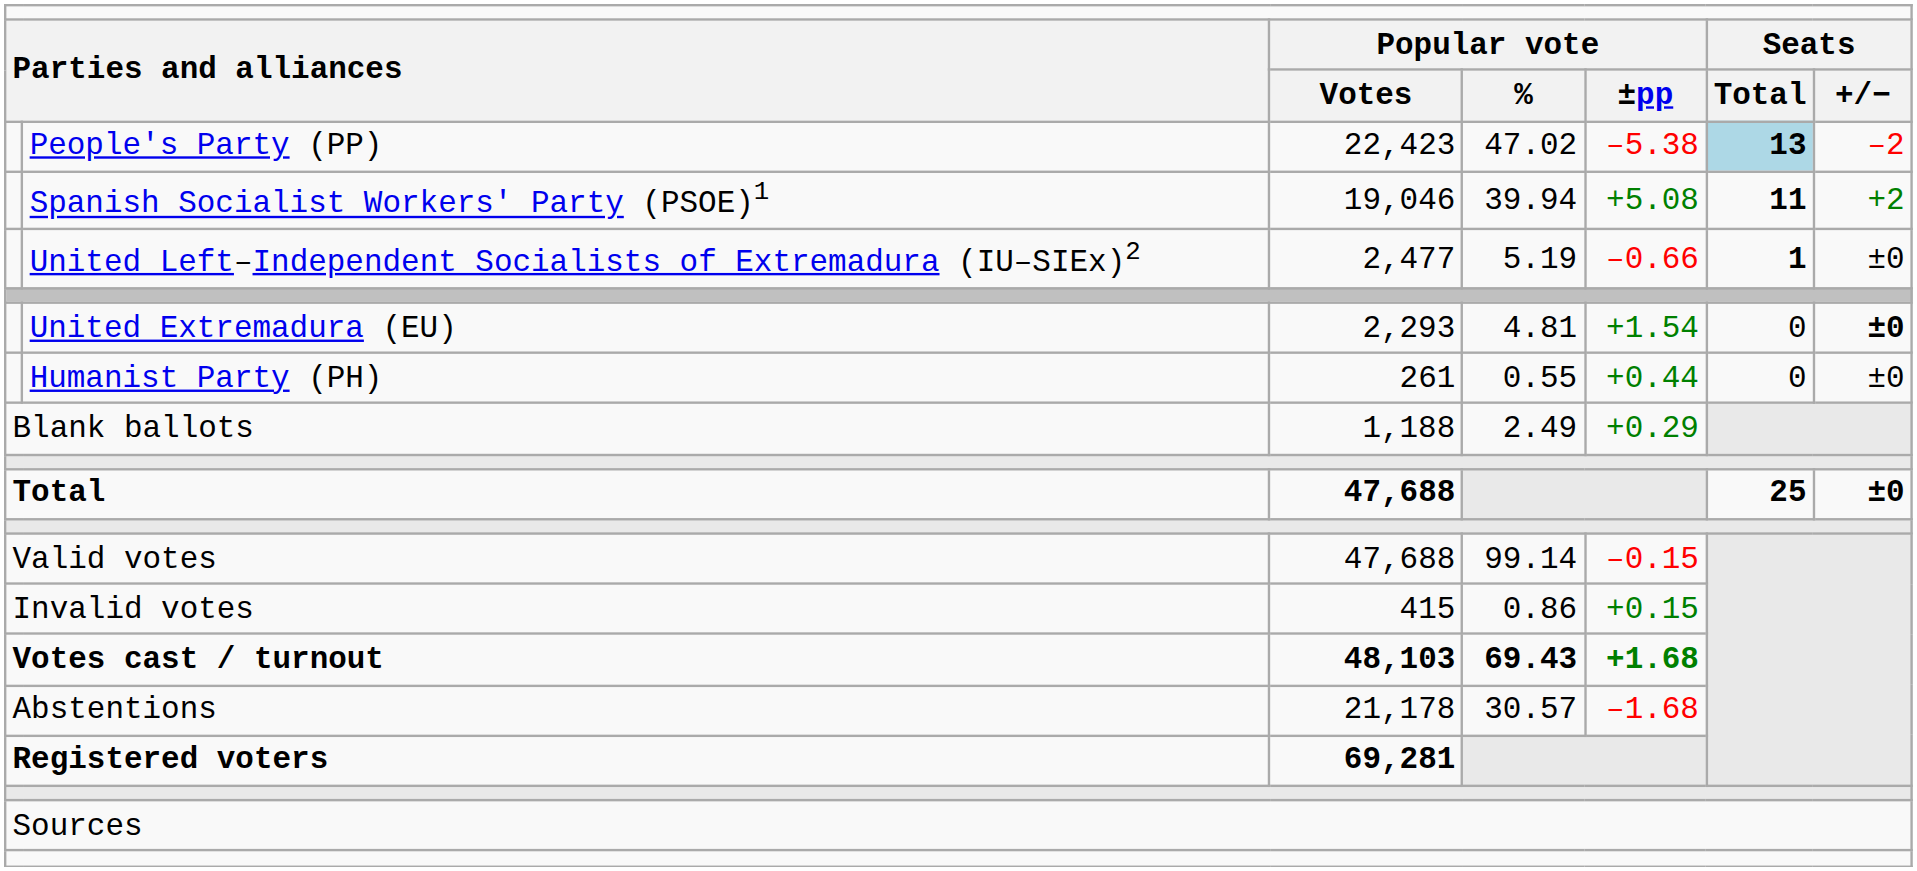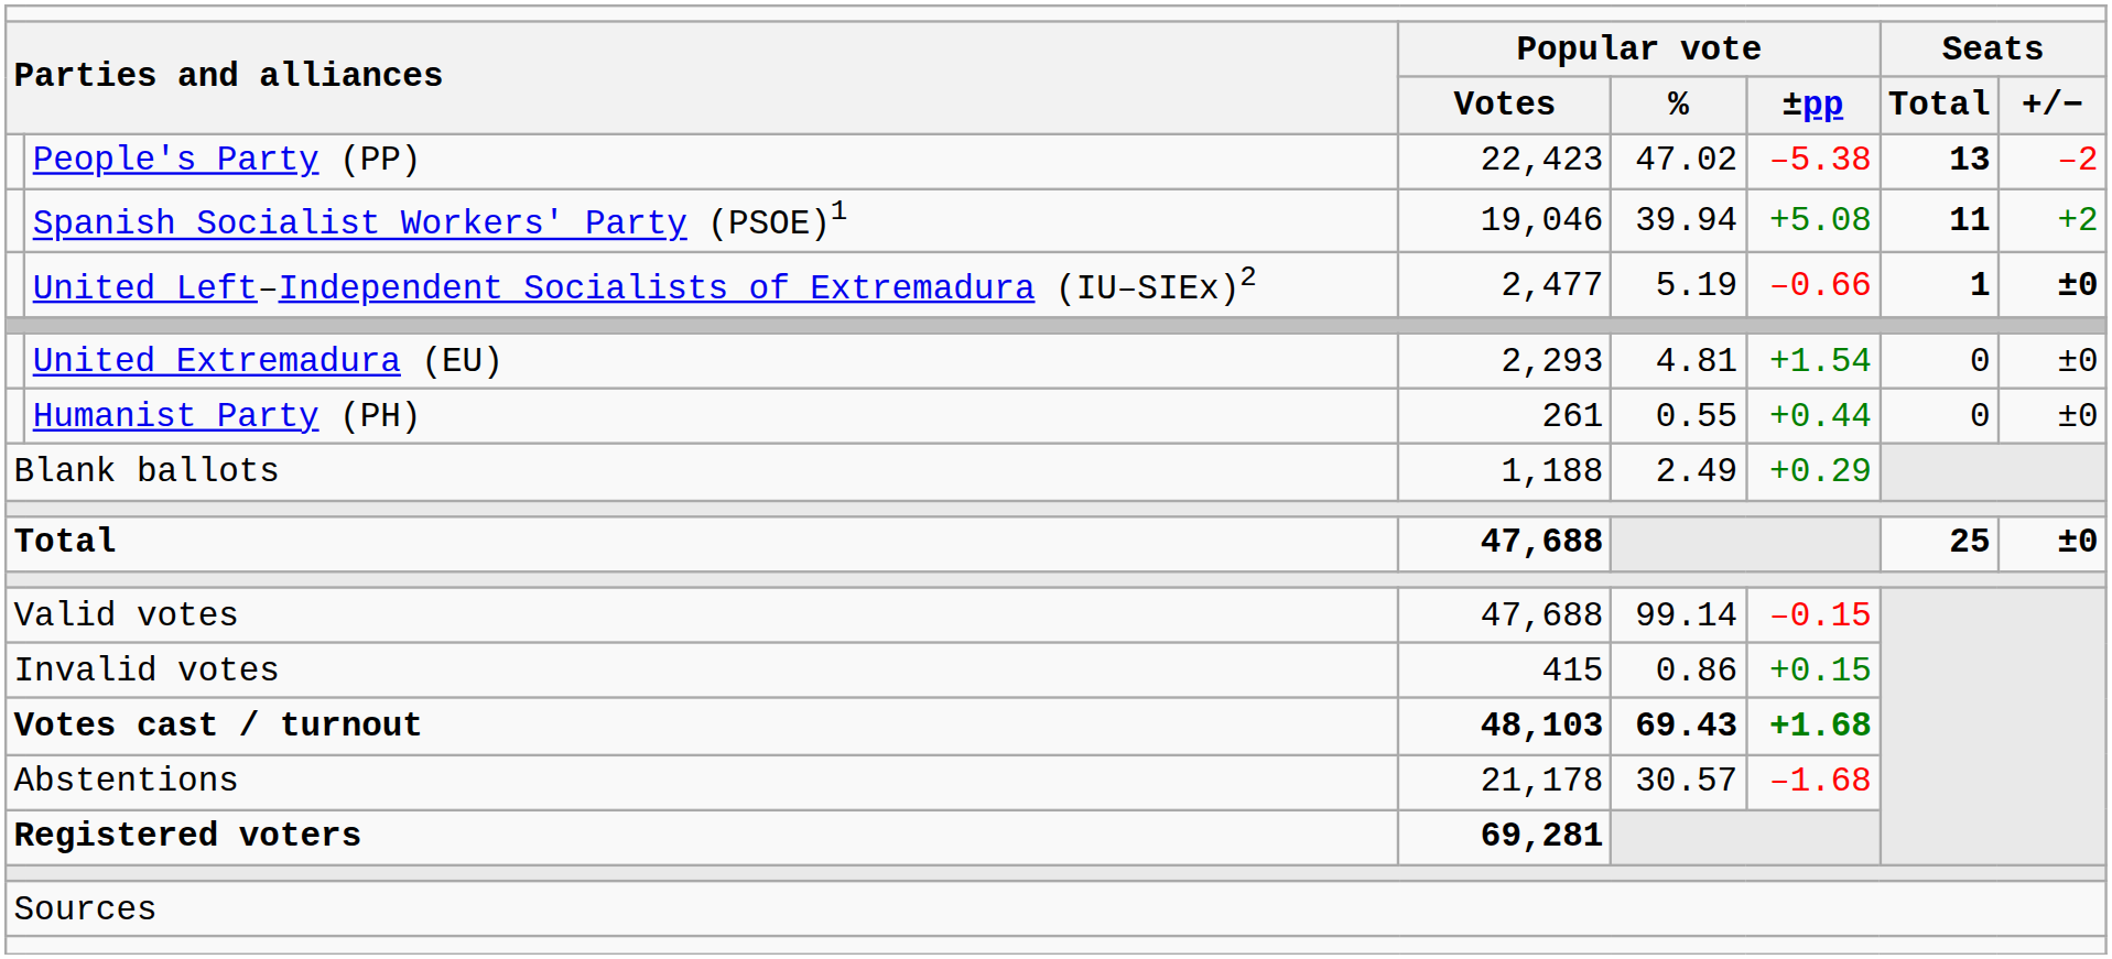 <table class="wikitable" style="text-align:right;">
 <tr>
 <td colspan="7"></td>
 </tr>
 <tr>
 <th style="text-align:left;" rowspan="2" colspan="2" width="525">Parties and alliances</th>
 <th colspan="3">Popular vote</th>
 <th colspan="2">Seats</th>
 </tr>
 <tr>
 <th width="75">Votes</th>
 <th width="45">%</th>
 <th width="45">±<a href='#'>pp</a></th>
 <th width="35">Total</th>
 <th width="35">+/−</th>
 </tr>
 <tr>
 <td width="1" style="color:inherit;background:"></td>
 <td align="left"><a href='#'>People's Party</a> (PP)</td>
 <td>22,423</td>
 <td>47.02</td>
 <td style="color:red;">–5.38</td>
-<td style="background: lightblue;"><strong>13</strong></td>
+<td><strong>13</strong></td>
 <td style="color:red;">–2</td>
 </tr>
 <tr>
 <td style="color:inherit;background:"></td>
 <td align="left"><a href='#'>Spanish Socialist Workers' Party</a> (PSOE)<sup>1</sup></td>
 <td>19,046</td>
 <td>39.94</td>
 <td style="color:green;">+5.08</td>
 <td><strong>11</strong></td>
 <td style="color:green;">+2</td>
 </tr>
 <tr>
 <td style="color:inherit;background:"></td>
 <td align="left"><a href='#'>United Left</a>–<a href='#'>Independent Socialists of Extremadura</a> (IU–SIEx)<sup>2</sup></td>
 <td>2,477</td>
 <td>5.19</td>
 <td style="color:red;">–0.66</td>
 <td><strong>1</strong></td>
-<td>±0</td>
+<td><strong>±0</strong></td>
 </tr>
 <tr>
 <td colspan="7" bgcolor="#C0C0C0"></td>
 </tr>
 <tr>
 <td style="color:inherit;background:"></td>
 <td align="left"><a href='#'>United Extremadura</a> (EU)</td>
 <td>2,293</td>
 <td>4.81</td>
 <td style="color:green;">+1.54</td>
 <td>0</td>
-<td><strong>±0</strong></td>
+<td>±0</td>
 </tr>
 <tr>
 <td style="color:inherit;background:"></td>
 <td align="left"><a href='#'>Humanist Party</a> (PH)</td>
 <td>261</td>
 <td>0.55</td>
 <td style="color:green;">+0.44</td>
 <td>0</td>
 <td>±0</td>
 </tr>
 <tr>
 <td align="left" colspan="2">Blank ballots</td>
 <td>1,188</td>
 <td>2.49</td>
 <td style="color:green;">+0.29</td>
 <td bgcolor="#E9E9E9" colspan="2"></td>
 </tr>
 <tr>
 <td colspan="7" bgcolor="#E9E9E9"></td>
 </tr>
 <tr style="font-weight:bold;">
 <td align="left" colspan="2">Total</td>
 <td>47,688</td>
 <td bgcolor="#E9E9E9" colspan="2"></td>
 <td>25</td>
 <td>±0</td>
 </tr>
 <tr>
 <td colspan="7" bgcolor="#E9E9E9"></td>
 </tr>
 <tr>
 <td align="left" colspan="2">Valid votes</td>
 <td>47,688</td>
 <td>99.14</td>
 <td style="color:red;">–0.15</td>
 <td bgcolor="#E9E9E9" colspan="2" rowspan="5"></td>
 </tr>
 <tr>
 <td align="left" colspan="2">Invalid votes</td>
 <td>415</td>
 <td>0.86</td>
 <td style="color:green;">+0.15</td>
 </tr>
 <tr style="font-weight:bold;">
 <td align="left" colspan="2">Votes cast / turnout</td>
 <td>48,103</td>
 <td>69.43</td>
 <td style="color:green;">+1.68</td>
 </tr>
 <tr>
 <td align="left" colspan="2">Abstentions</td>
 <td>21,178</td>
 <td>30.57</td>
 <td style="color:red;">–1.68</td>
 </tr>
 <tr style="font-weight:bold;">
 <td align="left" colspan="2">Registered voters</td>
 <td>69,281</td>
 <td bgcolor="#E9E9E9" colspan="2"></td>
 </tr>
 <tr>
 <td colspan="7" bgcolor="#E9E9E9"></td>
 </tr>
 <tr>
 <td align="left" colspan="7">Sources</td>
 </tr>
 <tr>
 <td colspan="7" style="text-align:left; max-width:790px;"></td>
 </tr>
 </table>
